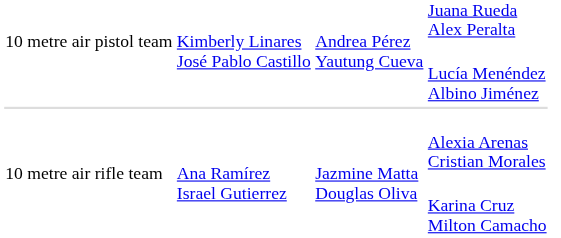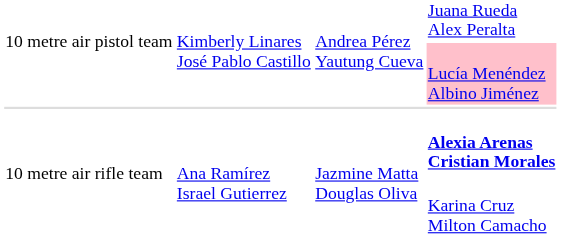 <table>
 <tr>
 <td rowspan=2>10 metre air pistol team <br></td>
 <td rowspan=2><br><a href='#'>Kimberly Linares</a><br><a href='#'>José Pablo Castillo</a></td>
 <td rowspan=2><br><a href='#'>Andrea Pérez</a><br><a href='#'>Yautung Cueva</a></td>
 <td><br><a href='#'>Juana Rueda</a><br><a href='#'>Alex Peralta</a></td>
 </tr>
 <tr>
-<td><br><a href='#'>Lucía Menéndez</a><br><a href='#'>Albino Jiménez</a></td>
+<td style="background: pink;"><br><a href='#'>Lucía Menéndez</a><br><a href='#'>Albino Jiménez</a></td>
 </tr>
 <tr bgcolor=#DDDDDD>
 <td colspan=7></td>
 </tr>
 <tr>
 <td rowspan=2>10 metre air rifle team <br></td>
 <td rowspan=2><br><a href='#'>Ana Ramírez</a><br><a href='#'>Israel Gutierrez</a></td>
 <td rowspan=2><br><a href='#'>Jazmine Matta</a><br><a href='#'>Douglas Oliva</a></td>
-<td><br><a href='#'>Alexia Arenas</a><br><a href='#'>Cristian Morales</a></td>
+<td><strong><br><a href='#'>Alexia Arenas</a><br><a href='#'>Cristian Morales</a></strong></td>
 </tr>
 <tr>
 <td><br><a href='#'>Karina Cruz</a><br><a href='#'>Milton Camacho</a></td>
 </tr>
 </table>
